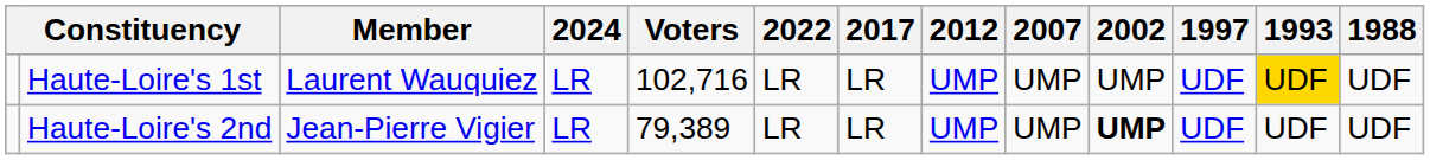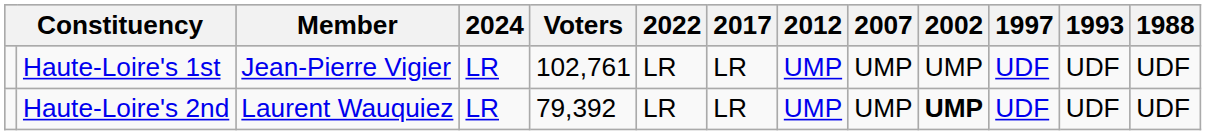 <table class="wikitable sortable">
 <tr>
 <th colspan="2">Constituency</th>
 <th>Member</th>
 <th>2024</th>
 <th>Voters</th>
 <th>2022</th>
 <th>2017</th>
 <th>2012</th>
 <th>2007</th>
 <th>2002</th>
 <th>1997</th>
 <th>1993</th>
 <th>1988</th>
 </tr>
 <tr>
 <td style="background-color: "></td>
 <td><a href='#'>Haute-Loire's 1st</a></td>
-<td><a href='#'>Laurent Wauquiez</a></td>
+<td><a href='#'>Jean-Pierre Vigier</a></td>
 <td><a href='#'>LR</a></td>
-<td>102,716</td>
+<td>102,761</td>
 <td>LR</td>
 <td>LR</td>
 <td><a href='#'>UMP</a></td>
 <td>UMP</td>
 <td>UMP</td>
 <td><a href='#'>UDF</a></td>
-<td style="background: gold;">UDF</td>
+<td>UDF</td>
 <td>UDF</td>
 </tr>
 <tr>
 <td style="background-color: "></td>
 <td><a href='#'>Haute-Loire's 2nd</a></td>
-<td><a href='#'>Jean-Pierre Vigier</a></td>
+<td><a href='#'>Laurent Wauquiez</a></td>
 <td><a href='#'>LR</a></td>
-<td>79,389</td>
+<td>79,392</td>
 <td>LR</td>
 <td>LR</td>
 <td><a href='#'>UMP</a></td>
 <td>UMP</td>
 <td><strong>UMP</strong></td>
 <td><a href='#'>UDF</a></td>
 <td>UDF</td>
 <td>UDF</td>
 </tr>
 </table>
